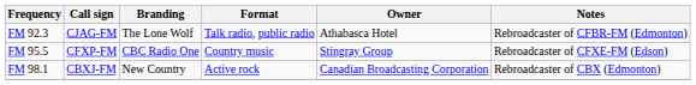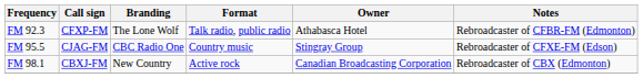 <table class="wikitable sortable">
 <tr>
 <th>Frequency</th>
 <th>Call sign</th>
 <th>Branding</th>
 <th>Format</th>
 <th>Owner</th>
 <th>Notes</th>
 </tr>
 <tr>
 <td><a href='#'>FM</a> 92.3</td>
-<td><a href='#'>CJAG-FM</a></td>
+<td><a href='#'>CFXP-FM</a></td>
 <td>The Lone Wolf</td>
 <td><a href='#'>Talk radio</a>, <a href='#'>public radio</a></td>
 <td>Athabasca Hotel</td>
 <td>Rebroadcaster of <a href='#'>CFBR-FM</a> (<a href='#'>Edmonton</a>)</td>
 </tr>
 <tr>
 <td><a href='#'>FM</a> 95.5</td>
-<td><a href='#'>CFXP-FM</a></td>
+<td><a href='#'>CJAG-FM</a></td>
 <td><a href='#'>CBC Radio One</a></td>
 <td><a href='#'>Country music</a></td>
 <td><a href='#'>Stingray Group</a></td>
 <td>Rebroadcaster of <a href='#'>CFXE-FM</a> (<a href='#'>Edson</a>)</td>
 </tr>
 <tr>
 <td><a href='#'>FM</a> 98.1</td>
 <td><a href='#'>CBXJ-FM</a></td>
 <td>New Country</td>
 <td><a href='#'>Active rock</a></td>
 <td><a href='#'>Canadian Broadcasting Corporation</a></td>
 <td>Rebroadcaster of <a href='#'>CBX</a> (<a href='#'>Edmonton</a>)</td>
 </tr>
 <tr>
 </tr>
 </table>
